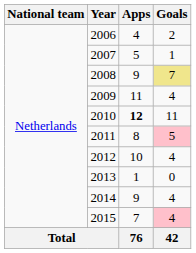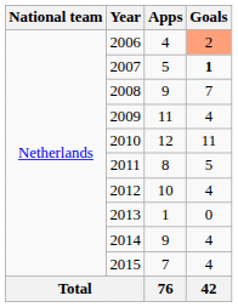 <table class="wikitable" style="text-align:center">
 <tr>
 <th>National team</th>
 <th>Year</th>
 <th>Apps</th>
 <th>Goals</th>
 </tr>
 <tr>
 <td rowspan="10"><a href='#'>Netherlands</a></td>
 <td>2006</td>
 <td>4</td>
-<td>2</td>
+<td style="background: lightsalmon;">2</td>
 </tr>
 <tr>
 <td>2007</td>
 <td>5</td>
-<td>1</td>
+<td><strong>1</strong></td>
 </tr>
 <tr>
 <td>2008</td>
 <td>9</td>
-<td style="background: khaki;">7</td>
+<td>7</td>
 </tr>
 <tr>
 <td>2009</td>
 <td>11</td>
 <td>4</td>
 </tr>
 <tr>
 <td>2010</td>
-<td><strong>12</strong></td>
+<td>12</td>
 <td>11</td>
 </tr>
 <tr>
 <td>2011</td>
 <td>8</td>
-<td style="background: pink;">5</td>
+<td>5</td>
 </tr>
 <tr>
 <td>2012</td>
 <td>10</td>
 <td>4</td>
 </tr>
 <tr>
 <td>2013</td>
 <td>1</td>
 <td>0</td>
 </tr>
 <tr>
 <td>2014</td>
 <td>9</td>
 <td>4</td>
 </tr>
 <tr>
 <td>2015</td>
 <td>7</td>
-<td style="background: pink;">4</td>
+<td>4</td>
 </tr>
 <tr>
 <th colspan="2">Total</th>
 <th>76</th>
 <th>42</th>
 </tr>
 </table>
